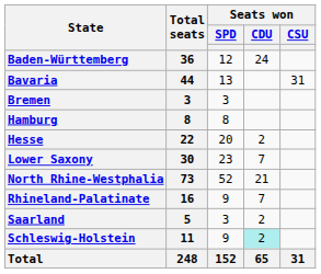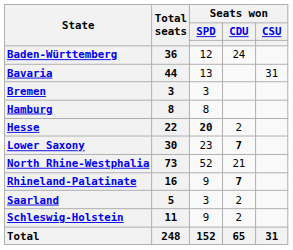 <table class="wikitable" style="text-align:center; font-size: 0.9em;">
 <tr>
 <th rowspan="3">State</th>
 <th rowspan="3">Total<br>seats</th>
 <th colspan="3">Seats won</th>
 </tr>
 <tr>
 <th class="unsortable" style="width:30px;"><a href='#'>SPD</a></th>
 <th class="unsortable" style="width:30px;"><a href='#'>CDU</a></th>
 <th class="unsortable" style="width:30px;"><a href='#'>CSU</a></th>
 </tr>
 <tr>
 <th style="background:"></th>
 <th style="background:"></th>
 <th style="background:"></th>
 </tr>
 <tr>
 <th style="text-align: left;"><a href='#'>Baden-Württemberg</a></th>
 <th>36</th>
 <td>12</td>
 <td>24</td>
 <td></td>
 </tr>
 <tr>
 <th style="text-align: left;"><a href='#'>Bavaria</a></th>
 <th>44</th>
 <td>13</td>
 <td></td>
 <td>31</td>
 </tr>
 <tr>
 <th style="text-align: left;"><a href='#'>Bremen</a></th>
 <th>3</th>
 <td>3</td>
 <td></td>
 <td></td>
 </tr>
 <tr>
 <th style="text-align: left;"><a href='#'>Hamburg</a></th>
 <th>8</th>
 <td>8</td>
 <td></td>
 <td></td>
 </tr>
 <tr>
 <th style="text-align: left;"><a href='#'>Hesse</a></th>
 <th>22</th>
-<td>20</td>
+<td><strong>20</strong></td>
 <td>2</td>
 <td></td>
 </tr>
 <tr>
 <th style="text-align: left;"><a href='#'>Lower Saxony</a></th>
 <th>30</th>
 <td>23</td>
-<td>7</td>
+<td><strong>7</strong></td>
 <td></td>
 </tr>
 <tr>
 <th style="text-align: left;"><a href='#'>North Rhine-Westphalia</a></th>
 <th>73</th>
 <td>52</td>
 <td>21</td>
 <td></td>
 </tr>
 <tr>
 <th style="text-align: left;"><a href='#'>Rhineland-Palatinate</a></th>
 <th>16</th>
 <td>9</td>
-<td>7</td>
+<td><strong>7</strong></td>
 <td></td>
 </tr>
 <tr>
 <th style="text-align: left;"><a href='#'>Saarland</a></th>
 <th>5</th>
 <td>3</td>
 <td>2</td>
 <td></td>
 </tr>
 <tr>
 <th style="text-align: left;"><a href='#'>Schleswig-Holstein</a></th>
 <th>11</th>
 <td>9</td>
-<td style="background: paleturquoise;">2</td>
+<td>2</td>
 <td></td>
 </tr>
 <tr class="sortbottom">
 <th style="text-align: left;">Total</th>
 <th>248</th>
 <th>152</th>
 <th>65</th>
 <th>31</th>
 </tr>
 </table>
